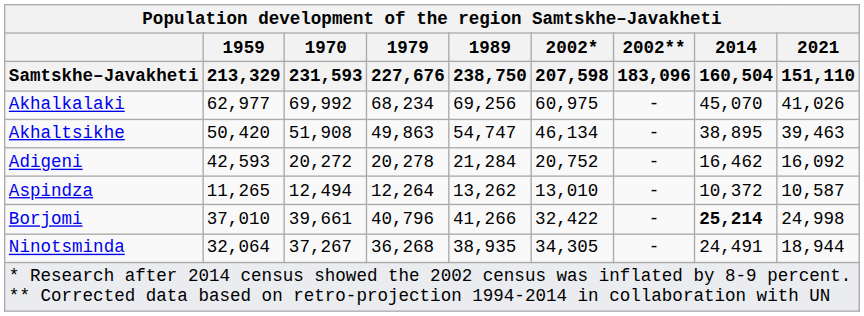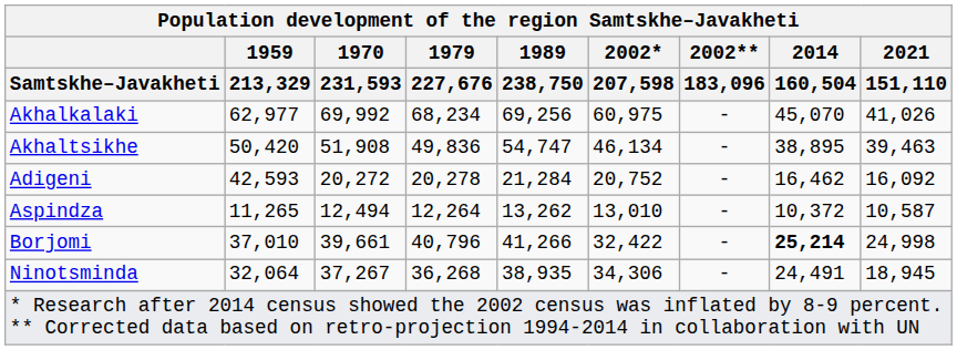 <table class="wikitable">
 <tr>
 <th colspan=19>Population development of the region Samtskhe–Javakheti</th>
 </tr>
 <tr>
 <th></th>
 <th>1959</th>
 <th>1970</th>
 <th>1979</th>
 <th>1989</th>
 <th>2002*</th>
 <th>2002**</th>
 <th>2014</th>
 <th>2021</th>
 </tr>
 <tr>
 <th>Samtskhe–Javakheti</th>
 <th>213,329</th>
 <th> 231,593</th>
 <th> 227,676</th>
 <th> 238,750</th>
 <th> 207,598</th>
 <th> 183,096</th>
 <th> 160,504</th>
 <th> 151,110</th>
 </tr>
 <tr>
 <td><a href='#'>Akhalkalaki</a></td>
 <td>62,977</td>
 <td> 69,992</td>
 <td> 68,234</td>
 <td> 69,256</td>
 <td> 60,975</td>
 <td align=center>-</td>
 <td> 45,070</td>
 <td> 41,026</td>
 </tr>
 <tr>
 <td><a href='#'>Akhaltsikhe</a></td>
 <td>50,420</td>
 <td> 51,908</td>
-<td> 49,863</td>
+<td> 49,836</td>
 <td> 54,747</td>
 <td> 46,134</td>
 <td align=center>-</td>
 <td> 38,895</td>
 <td> 39,463</td>
 </tr>
 <tr>
 <td><a href='#'>Adigeni</a></td>
 <td>42,593</td>
 <td> 20,272</td>
 <td> 20,278</td>
 <td> 21,284</td>
 <td> 20,752</td>
 <td align=center>-</td>
 <td> 16,462</td>
 <td> 16,092</td>
 </tr>
 <tr>
 <td><a href='#'>Aspindza</a></td>
 <td>11,265</td>
 <td> 12,494</td>
 <td> 12,264</td>
 <td> 13,262</td>
 <td> 13,010</td>
 <td align=center>-</td>
 <td> 10,372</td>
 <td> 10,587</td>
 </tr>
 <tr>
 <td><a href='#'>Borjomi</a></td>
 <td>37,010</td>
 <td> 39,661</td>
 <td> 40,796</td>
 <td> 41,266</td>
 <td> 32,422</td>
 <td align=center>-</td>
 <td><strong> 25,214</strong></td>
 <td> 24,998</td>
 </tr>
 <tr>
 <td><a href='#'>Ninotsminda</a></td>
 <td>32,064</td>
 <td> 37,267</td>
 <td> 36,268</td>
 <td> 38,935</td>
-<td> 34,305</td>
+<td> 34,306</td>
 <td align=center>-</td>
 <td> 24,491</td>
-<td> 18,944</td>
+<td> 18,945</td>
 </tr>
 <tr>
 <td colspan=10 class="wikitable" style="align:left;text-align:left;background-color:#eaecf0">* Research after 2014 census showed the 2002 census was inflated by 8-9 percent.<br>** Corrected data based on retro-projection 1994-2014 in collaboration with UN</td>
 </tr>
 </table>
